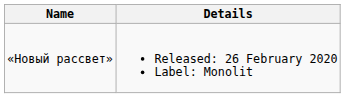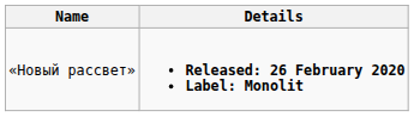 <table class="wikitable">
 <tr>
 <th>Name</th>
 <th>Details</th>
 </tr>
 <tr>
 <td>«Новый рассвет»</td>
-<td><br><ul><li>Released: 26 February 2020</li><li>Label: Monolit</li></ul></td>
+<td><strong><br><ul><li>Released: 26 February 2020</li><li>Label: Monolit</li></ul></strong></td>
 </tr>
 </table>
